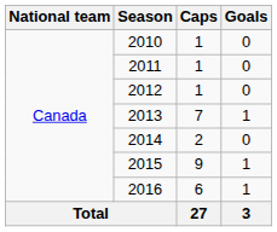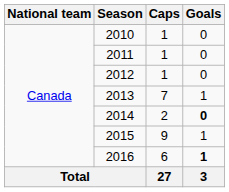 <table class="wikitable" style="text-align: center">
 <tr>
 <th>National team</th>
 <th>Season</th>
 <th>Caps</th>
 <th>Goals</th>
 </tr>
 <tr>
 <td rowspan="7" valign="center"><a href='#'>Canada</a></td>
 <td>2010</td>
 <td>1</td>
 <td>0</td>
 </tr>
 <tr>
 <td>2011</td>
 <td>1</td>
 <td>0</td>
 </tr>
 <tr>
 <td>2012</td>
 <td>1</td>
 <td>0</td>
 </tr>
 <tr>
 <td>2013</td>
 <td>7</td>
 <td>1</td>
 </tr>
 <tr>
 <td>2014</td>
 <td>2</td>
-<td>0</td>
+<td><strong>0</strong></td>
 </tr>
 <tr>
 <td>2015</td>
 <td>9</td>
 <td>1</td>
 </tr>
 <tr>
 <td>2016</td>
 <td>6</td>
-<td>1</td>
+<td><strong>1</strong></td>
 </tr>
 <tr>
 <th colspan="2">Total</th>
 <th>27</th>
 <th>3</th>
 </tr>
 </table>
